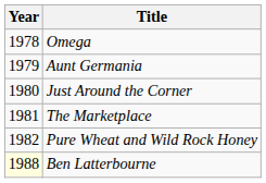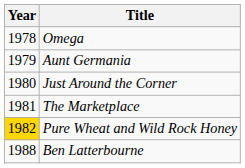 <table class="wikitable">
 <tr>
 <th>Year</th>
 <th>Title</th>
 </tr>
 <tr>
 <td>1978</td>
 <td><em>Omega</em></td>
 </tr>
 <tr>
 <td>1979</td>
 <td><em>Aunt Germania</em></td>
 </tr>
 <tr>
 <td>1980</td>
 <td><em>Just Around the Corner</em></td>
 </tr>
 <tr>
 <td>1981</td>
 <td><em>The Marketplace</em></td>
 </tr>
 <tr>
-<td>1982</td>
+<td style="background: gold;">1982</td>
 <td><em>Pure Wheat and Wild Rock Honey</em></td>
 </tr>
 <tr>
-<td style="background: lightyellow;">1988</td>
+<td>1988</td>
 <td><em>Ben Latterbourne</em></td>
 </tr>
 </table>
